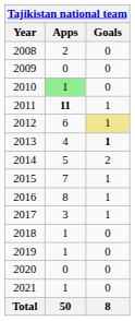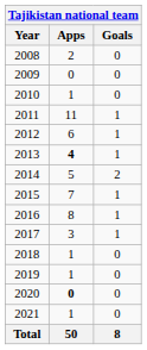 <table class="wikitable" style="text-align:center">
 <tr>
 <th colspan=3><a href='#'>Tajikistan national team</a></th>
 </tr>
 <tr>
 <th>Year</th>
 <th>Apps</th>
 <th>Goals</th>
 </tr>
 <tr>
 <td>2008</td>
 <td>2</td>
 <td>0</td>
 </tr>
 <tr>
 <td>2009</td>
 <td>0</td>
 <td>0</td>
 </tr>
 <tr>
 <td>2010</td>
-<td style="background: lightgreen;">1</td>
+<td>1</td>
 <td>0</td>
 </tr>
 <tr>
 <td>2011</td>
-<td><strong>11</strong></td>
+<td>11</td>
 <td>1</td>
 </tr>
 <tr>
 <td>2012</td>
 <td>6</td>
-<td style="background: khaki;">1</td>
+<td>1</td>
 </tr>
 <tr>
 <td>2013</td>
-<td>4</td>
-<td><strong>1</strong></td>
+<td><strong>4</strong></td>
+<td>1</td>
 </tr>
 <tr>
 <td>2014</td>
 <td>5</td>
 <td>2</td>
 </tr>
 <tr>
 <td>2015</td>
 <td>7</td>
 <td>1</td>
 </tr>
 <tr>
 <td>2016</td>
 <td>8</td>
 <td>1</td>
 </tr>
 <tr>
 <td>2017</td>
 <td>3</td>
 <td>1</td>
 </tr>
 <tr>
 <td>2018</td>
 <td>1</td>
 <td>0</td>
 </tr>
 <tr>
 <td>2019</td>
 <td>1</td>
 <td>0</td>
 </tr>
 <tr>
 <td>2020</td>
-<td>0</td>
+<td><strong>0</strong></td>
 <td>0</td>
 </tr>
 <tr>
 <td>2021</td>
 <td>1</td>
 <td>0</td>
 </tr>
 <tr>
 <th>Total</th>
 <th>50</th>
 <th>8</th>
 </tr>
 </table>
